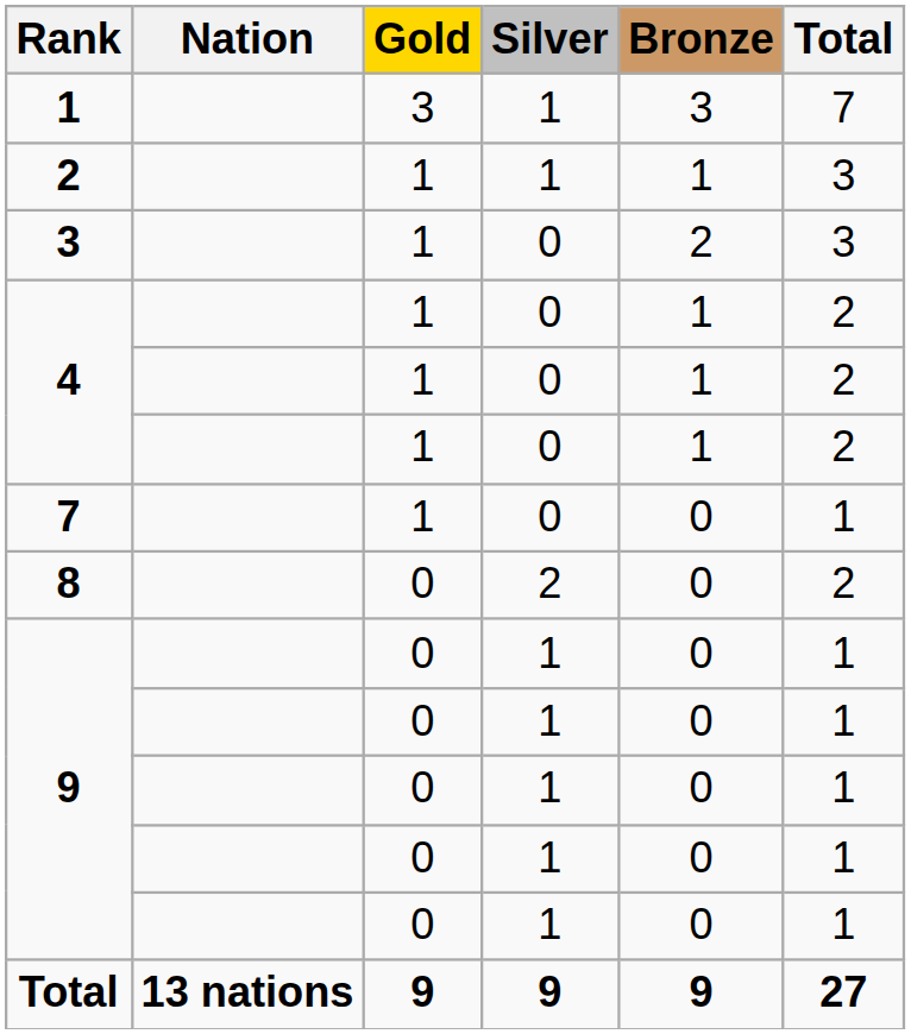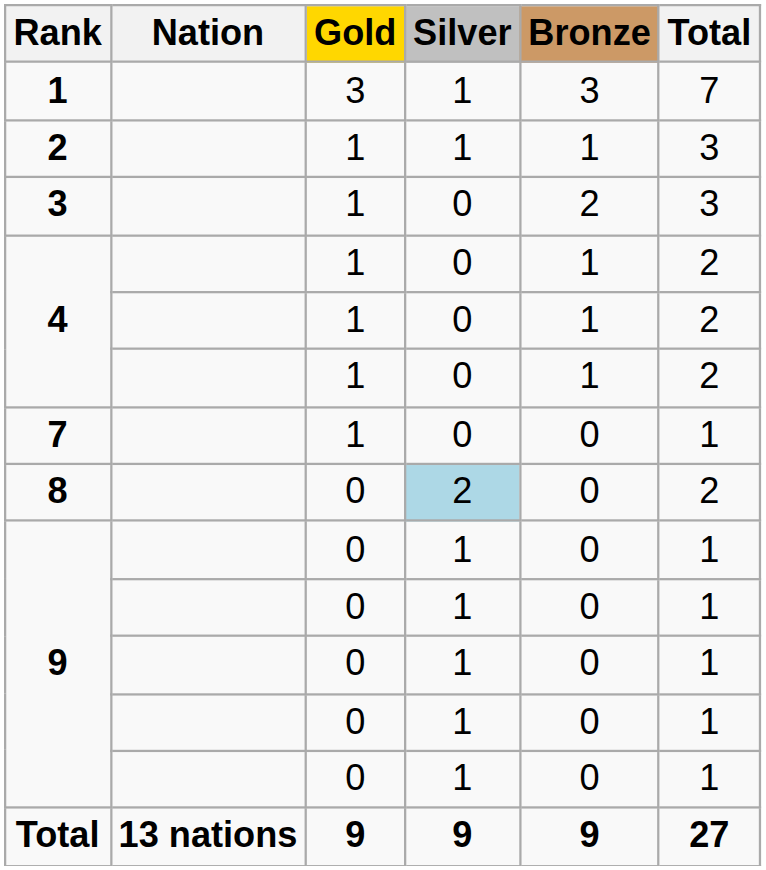 <table class="wikitable plainrowheaders" style="text-align:center;">
 <tr>
 <th>Rank</th>
 <th>Nation</th>
 <th style="background:    gold;">Gold</th>
 <th style="background:  silver;">Silver</th>
 <th style="background: #CC9966;">Bronze</th>
 <th>Total</th>
 </tr>
 <tr>
 <td><strong>1</strong></td>
 <td align=left></td>
 <td>3</td>
 <td>1</td>
 <td>3</td>
 <td>7</td>
 </tr>
 <tr>
 <td><strong>2</strong></td>
 <td align=left></td>
 <td>1</td>
 <td>1</td>
 <td>1</td>
 <td>3</td>
 </tr>
 <tr>
 <td><strong>3</strong></td>
 <td align=left></td>
 <td>1</td>
 <td>0</td>
 <td>2</td>
 <td>3</td>
 </tr>
 <tr>
 <td rowspan=3><strong>4</strong></td>
 <td align=left></td>
 <td>1</td>
 <td>0</td>
 <td>1</td>
 <td>2</td>
 </tr>
 <tr>
 <td align=left></td>
 <td>1</td>
 <td>0</td>
 <td>1</td>
 <td>2</td>
 </tr>
 <tr>
 <td align=left></td>
 <td>1</td>
 <td>0</td>
 <td>1</td>
 <td>2</td>
 </tr>
 <tr>
 <td><strong>7</strong></td>
 <td align=left></td>
 <td>1</td>
 <td>0</td>
 <td>0</td>
 <td>1</td>
 </tr>
 <tr>
 <td><strong>8</strong></td>
 <td align=left></td>
 <td>0</td>
-<td>2</td>
+<td style="background: lightblue;">2</td>
 <td>0</td>
 <td>2</td>
 </tr>
 <tr>
 <td rowspan=5><strong>9</strong></td>
 <td align=left></td>
 <td>0</td>
 <td>1</td>
 <td>0</td>
 <td>1</td>
 </tr>
 <tr>
 <td align=left></td>
 <td>0</td>
 <td>1</td>
 <td>0</td>
 <td>1</td>
 </tr>
 <tr>
 <td align=left></td>
 <td>0</td>
 <td>1</td>
 <td>0</td>
 <td>1</td>
 </tr>
 <tr>
 <td align=left></td>
 <td>0</td>
 <td>1</td>
 <td>0</td>
 <td>1</td>
 </tr>
 <tr>
 <td align=left><em></em></td>
 <td>0</td>
 <td>1</td>
 <td>0</td>
 <td>1</td>
 </tr>
 <tr>
 <td><strong>Total</strong></td>
 <td><strong>13 nations</strong></td>
 <td><strong>9</strong></td>
 <td><strong>9</strong></td>
 <td><strong>9</strong></td>
 <td><strong>27</strong></td>
 </tr>
 </table>
